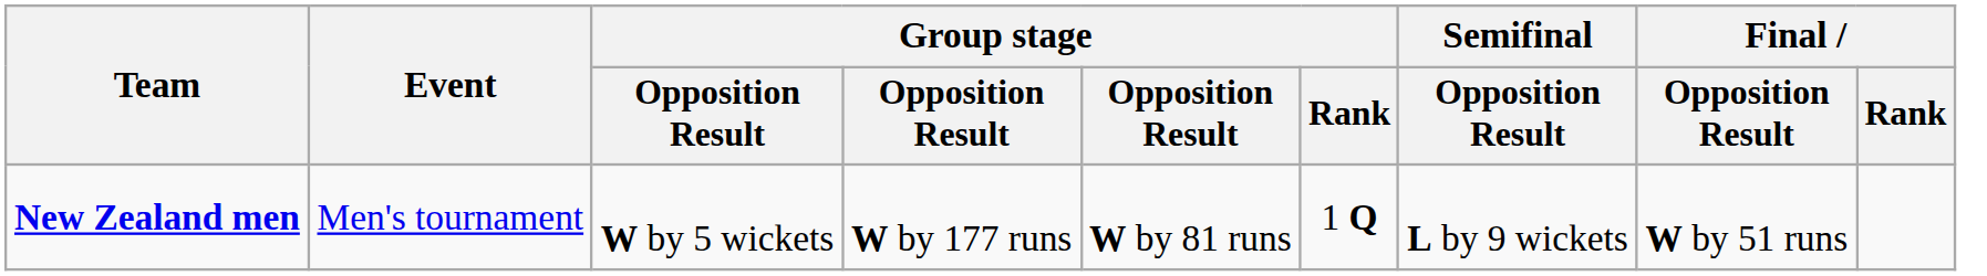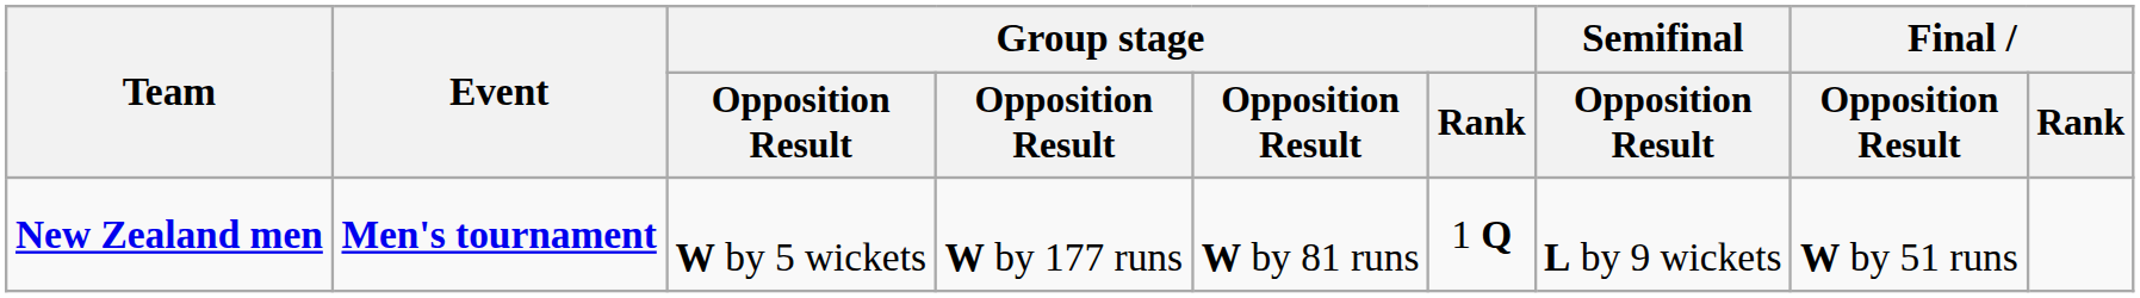 <table class=wikitable style=font-size:90%>
 <tr>
 <th rowspan=2>Team</th>
 <th rowspan=2>Event</th>
 <th colspan=4>Group stage</th>
 <th>Semifinal</th>
 <th colspan=2>Final / </th>
 </tr>
 <tr style=font-size:95%>
 <th>Opposition<br>Result</th>
 <th>Opposition<br>Result</th>
 <th>Opposition<br>Result</th>
 <th>Rank</th>
 <th>Opposition<br>Result</th>
 <th>Opposition<br>Result</th>
 <th>Rank</th>
 </tr>
 <tr align=center>
 <td align=left><strong><a href='#'>New Zealand men</a></strong></td>
-<td align=left><a href='#'>Men's tournament</a></td>
+<td align=left><strong><a href='#'>Men's tournament</a></strong></td>
 <td><br> <strong>W</strong> by 5 wickets</td>
 <td><br> <strong>W</strong> by 177 runs</td>
 <td><br> <strong>W</strong> by 81 runs</td>
 <td>1 <strong>Q</strong></td>
 <td><br> <strong>L</strong> by 9 wickets</td>
 <td><br> <strong>W</strong> by 51 runs</td>
 <td></td>
 </tr>
 </table>
